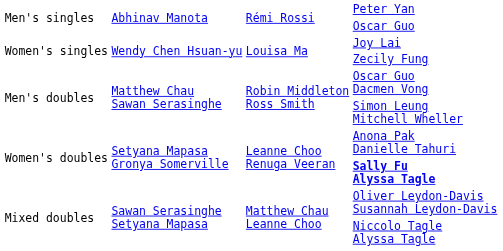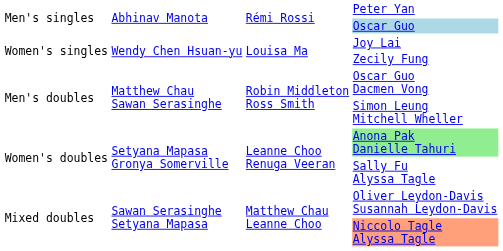 <table>
 <tr>
 <td rowspan=2>Men's singles</td>
 <td rowspan=2> <a href='#'>Abhinav Manota</a></td>
 <td rowspan=2> <a href='#'>Rémi Rossi</a></td>
 <td> <a href='#'>Peter Yan</a></td>
 </tr>
 <tr>
-<td> <a href='#'>Oscar Guo</a></td>
+<td style="background: lightblue;"> <a href='#'>Oscar Guo</a></td>
 </tr>
 <tr>
 <td rowspan=2>Women's singles</td>
 <td rowspan=2> <a href='#'>Wendy Chen Hsuan-yu</a></td>
 <td rowspan=2> <a href='#'>Louisa Ma</a></td>
 <td> <a href='#'>Joy Lai</a></td>
 </tr>
 <tr>
 <td> <a href='#'>Zecily Fung</a></td>
 </tr>
 <tr>
 <td rowspan=2>Men's doubles</td>
 <td rowspan=2> <a href='#'>Matthew Chau</a><br> <a href='#'>Sawan Serasinghe</a></td>
 <td rowspan=2> <a href='#'>Robin Middleton</a><br> <a href='#'>Ross Smith</a></td>
 <td> <a href='#'>Oscar Guo</a><br> <a href='#'>Dacmen Vong</a></td>
 </tr>
 <tr>
 <td> <a href='#'>Simon Leung</a><br> <a href='#'>Mitchell Wheller</a></td>
 </tr>
 <tr>
 <td rowspan=2>Women's doubles</td>
 <td rowspan=2> <a href='#'>Setyana Mapasa</a><br> <a href='#'>Gronya Somerville</a></td>
 <td rowspan=2> <a href='#'>Leanne Choo</a><br> <a href='#'>Renuga Veeran</a></td>
-<td> <a href='#'>Anona Pak</a><br> <a href='#'>Danielle Tahuri</a></td>
+<td style="background: lightgreen;"> <a href='#'>Anona Pak</a><br> <a href='#'>Danielle Tahuri</a></td>
 </tr>
 <tr>
-<td><strong> <a href='#'>Sally Fu</a><br> <a href='#'>Alyssa Tagle</a></strong></td>
+<td> <a href='#'>Sally Fu</a><br> <a href='#'>Alyssa Tagle</a></td>
 </tr>
 <tr>
 <td rowspan=2>Mixed doubles</td>
 <td rowspan=2> <a href='#'>Sawan Serasinghe</a><br> <a href='#'>Setyana Mapasa</a></td>
 <td rowspan=2> <a href='#'>Matthew Chau</a><br> <a href='#'>Leanne Choo</a></td>
 <td> <a href='#'>Oliver Leydon-Davis</a><br> <a href='#'>Susannah Leydon-Davis</a></td>
 </tr>
 <tr>
-<td> <a href='#'>Niccolo Tagle</a><br> <a href='#'>Alyssa Tagle</a></td>
+<td style="background: lightsalmon;"> <a href='#'>Niccolo Tagle</a><br> <a href='#'>Alyssa Tagle</a></td>
 </tr>
 </table>
